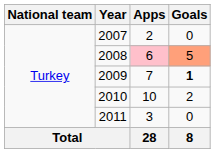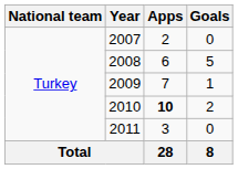 <table class="wikitable" style="text-align:center">
 <tr>
 <th>National team</th>
 <th>Year</th>
 <th>Apps</th>
 <th>Goals</th>
 </tr>
 <tr>
 <td rowspan="5"><a href='#'>Turkey</a></td>
 <td>2007</td>
 <td>2</td>
 <td>0</td>
 </tr>
 <tr>
 <td>2008</td>
-<td style="background: pink;">6</td>
-<td style="background: lightsalmon;">5</td>
+<td>6</td>
+<td>5</td>
 </tr>
 <tr>
 <td>2009</td>
 <td>7</td>
-<td><strong>1</strong></td>
+<td>1</td>
 </tr>
 <tr>
 <td>2010</td>
-<td>10</td>
+<td><strong>10</strong></td>
 <td>2</td>
 </tr>
 <tr>
 <td>2011</td>
 <td>3</td>
 <td>0</td>
 </tr>
 <tr>
 <th colspan="2">Total</th>
 <th>28</th>
 <th>8</th>
 </tr>
 </table>
